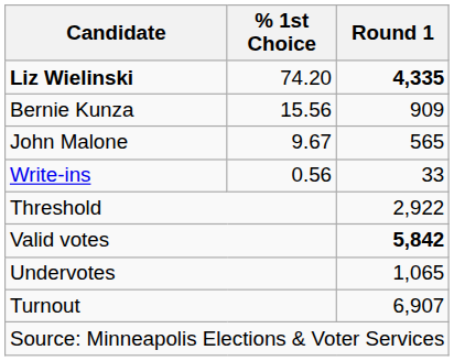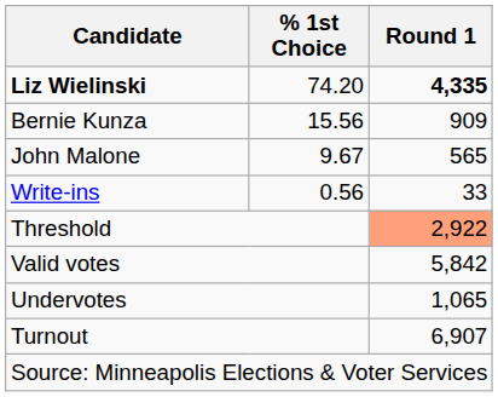 <table class="wikitable">
 <tr>
 <th style="width:165px">Candidate</th>
 <th>% 1st<br>Choice</th>
 <th style="width:80px">Round 1</th>
 </tr>
 <tr>
 <td><strong>Liz Wielinski</strong></td>
 <td align="right">74.20</td>
 <td align="right"><strong>4,335</strong></td>
 </tr>
 <tr>
 <td>Bernie Kunza</td>
 <td align="right">15.56</td>
 <td align="right">909</td>
 </tr>
 <tr>
 <td>John Malone</td>
 <td align="right">9.67</td>
 <td align="right">565</td>
 </tr>
 <tr>
 <td><a href='#'>Write-ins</a></td>
 <td align="right">0.56</td>
 <td align="right">33</td>
 </tr>
 <tr>
 <td colspan="2">Threshold</td>
-<td align="right">2,922</td>
+<td align="right" style="background: lightsalmon;">2,922</td>
 </tr>
 <tr>
 <td colspan="2">Valid votes</td>
-<td align="right"><strong>5,842</strong></td>
+<td align="right">5,842</td>
 </tr>
 <tr>
 <td colspan="2">Undervotes</td>
 <td align="right">1,065</td>
 </tr>
 <tr>
 <td colspan="2">Turnout</td>
 <td align="right">6,907</td>
 </tr>
 <tr>
 <td colspan="3">Source: Minneapolis Elections & Voter Services</td>
 </tr>
 </table>
